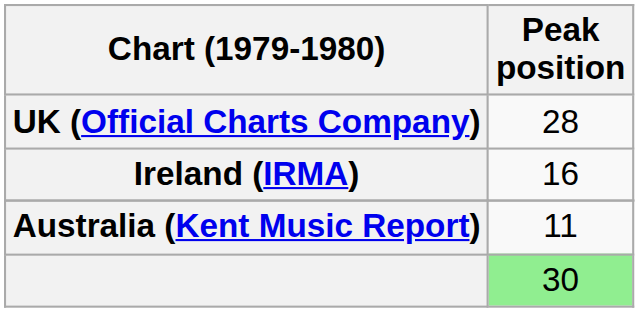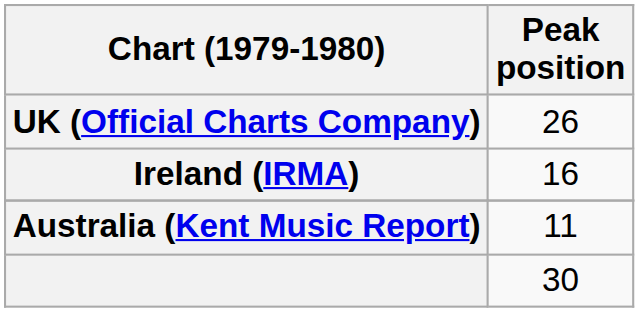 <table class="wikitable sortable plainrowheaders" style="text-align:center">
 <tr>
 <th scope="col">Chart (1979-1980)</th>
 <th scope="col">Peak<br>position</th>
 </tr>
 <tr>
 <th scope="row">UK (<a href='#'>Official Charts Company</a>)</th>
-<td>28</td>
+<td>26</td>
 </tr>
 <tr>
 <th scope="row">Ireland (<a href='#'>IRMA</a>)</th>
 <td>16</td>
 </tr>
 <tr>
 </tr>
 <tr>
 <th scope="row">Australia (<a href='#'>Kent Music Report</a>)</th>
 <td>11</td>
 </tr>
 <tr>
 <th scope="row"></th>
-<td style="background: lightgreen;">30</td>
+<td>30</td>
 </tr>
 </table>
